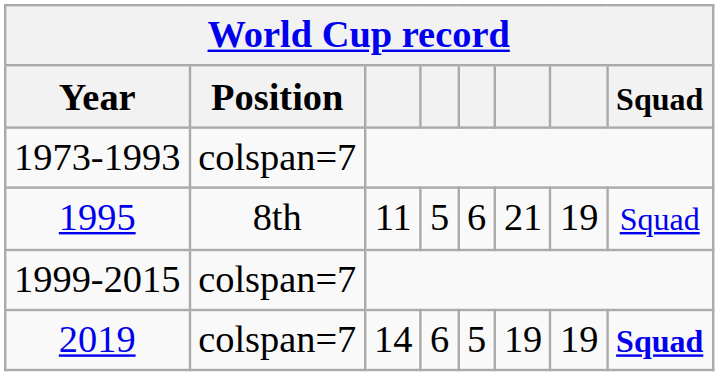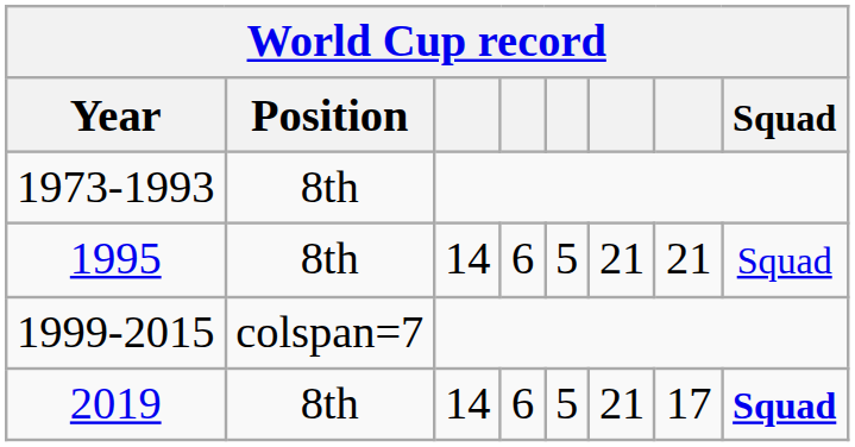 <table class="wikitable" style="text-align: center;">
 <tr>
 <th colspan=8><a href='#'>World Cup record</a></th>
 </tr>
 <tr>
 <th>Year</th>
 <th>Position</th>
 <th></th>
 <th></th>
 <th></th>
 <th></th>
 <th></th>
 <th><small>Squad</small></th>
 </tr>
 <tr>
 <td>1973-1993</td>
-<td>colspan=7 </td>
+<td>8th</td>
 </tr>
 <tr>
 <td> <a href='#'>1995</a></td>
 <td>8th</td>
-<td>11</td>
+<td>14</td>
+<td>6</td>
 <td>5</td>
-<td>6</td>
 <td>21</td>
-<td>19</td>
+<td>21</td>
 <td><small><a href='#'>Squad</a></small></td>
 </tr>
 <tr>
 <td>1999-2015</td>
 <td>colspan=7 </td>
 </tr>
 <tr>
 <td> <a href='#'>2019</a></td>
-<td>colspan=7 </td>
+<td>8th</td>
 <td>14</td>
 <td>6</td>
 <td>5</td>
-<td>19</td>
-<td>19</td>
+<td>21</td>
+<td>17</td>
 <td><strong><small><a href='#'>Squad</a></small></strong></td>
 </tr>
 </table>
